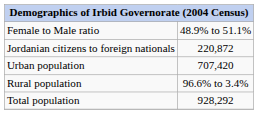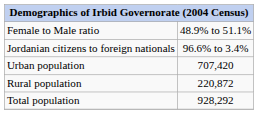 <table class="wikitable" style=" font-size:100%">
 <tr>
 <th align=center style="background:#c0d0f0;" colspan=11>Demographics of Irbid Governorate (2004 Census)</th>
 </tr>
 <tr>
 <td>Female to Male ratio</td>
 <td align=center>48.9% to 51.1%</td>
 </tr>
 <tr>
 <td>Jordanian citizens to foreign nationals</td>
-<td align=center>220,872</td>
+<td align=center>96.6% to 3.4%</td>
 </tr>
 <tr>
 <td>Urban population</td>
 <td align=center>707,420</td>
 </tr>
 <tr>
 <td>Rural population</td>
-<td align=center>96.6% to 3.4%</td>
+<td align=center>220,872</td>
 </tr>
 <tr>
 <td>Total population</td>
 <td align=center>928,292</td>
 </tr>
 <tr>
 </tr>
 </table>
